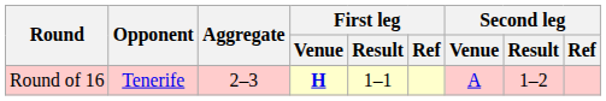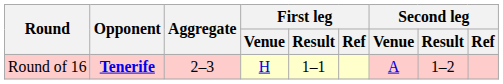 <table class="wikitable" style="font-size:100%; text-align:center">
 <tr>
 <th rowspan="2">Round</th>
 <th rowspan="2">Opponent</th>
 <th rowspan="2">Aggregate</th>
 <th colspan="3">First leg</th>
 <th colspan="3">Second leg</th>
 </tr>
 <tr>
 <th>Venue</th>
 <th>Result</th>
 <th>Ref</th>
 <th>Venue</th>
 <th>Result</th>
 <th>Ref</th>
 </tr>
 <tr bgcolor= FFCCCC>
 <td>Round of 16</td>
-<td><a href='#'>Tenerife</a></td>
+<td><strong><a href='#'>Tenerife</a></strong></td>
 <td>2–3</td>
-<td style="background:#FFFFCC"><strong><a href='#'>H</a></strong></td>
+<td style="background:#FFFFCC"><a href='#'>H</a></td>
 <td style="background:#FFFFCC">1–1</td>
 <td style="background:#FFFFCC"></td>
 <td><a href='#'>A</a></td>
 <td>1–2</td>
 <td></td>
 </tr>
 </table>
